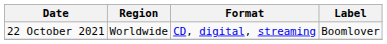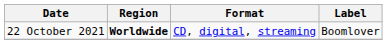 <table class="wikitable">
 <tr>
 <th align="center">Date</th>
 <th align="center">Region</th>
 <th align="center">Format</th>
 <th align="center">Label</th>
 </tr>
 <tr>
 <td align="left">22 October 2021</td>
-<td align="left">Worldwide</td>
+<td align="left"><strong>Worldwide</strong></td>
 <td align="left"><a href='#'>CD</a>, <a href='#'>digital</a>, <a href='#'>streaming</a></td>
 <td align="left">Boomlover</td>
 </tr>
 <tr>
 </tr>
 </table>
